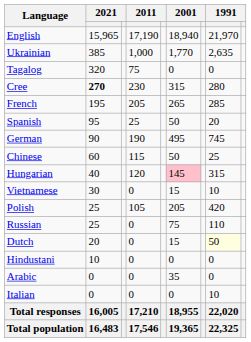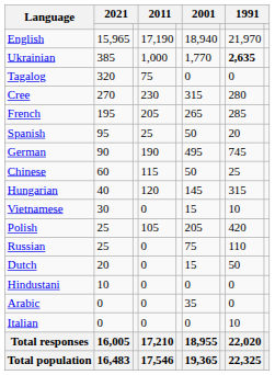 <table class="wikitable collapsible sortable">
 <tr>
 <th rowspan="2">Language</th>
 <th colspan="2">2021</th>
 <th colspan="2">2011</th>
 <th colspan="2">2001</th>
 <th colspan="2">1991</th>
 </tr>
 <tr>
 <th><a href='#'></a></th>
 <th></th>
 <th></th>
 <th></th>
 <th></th>
 <th></th>
 <th></th>
 <th></th>
 </tr>
 <tr>
 <td><a href='#'>English</a></td>
 <td>15,965</td>
 <td></td>
 <td>17,190</td>
 <td></td>
 <td>18,940</td>
 <td></td>
 <td>21,970</td>
 <td></td>
 </tr>
 <tr>
 <td><a href='#'>Ukrainian</a></td>
 <td>385</td>
 <td></td>
 <td>1,000</td>
 <td></td>
 <td>1,770</td>
 <td></td>
-<td>2,635</td>
+<td><strong>2,635</strong></td>
 <td></td>
 </tr>
 <tr>
 <td><a href='#'>Tagalog</a></td>
 <td>320</td>
 <td></td>
 <td>75</td>
 <td></td>
 <td>0</td>
 <td></td>
 <td>0</td>
 <td></td>
 </tr>
 <tr>
 <td><a href='#'>Cree</a></td>
-<td><strong>270</strong></td>
+<td>270</td>
 <td></td>
 <td>230</td>
 <td></td>
 <td>315</td>
 <td></td>
 <td>280</td>
 <td></td>
 </tr>
 <tr>
 <td><a href='#'>French</a></td>
 <td>195</td>
 <td></td>
 <td>205</td>
 <td></td>
 <td>265</td>
 <td></td>
 <td>285</td>
 <td></td>
 </tr>
 <tr>
 <td><a href='#'>Spanish</a></td>
 <td>95</td>
 <td></td>
 <td>25</td>
 <td></td>
 <td>50</td>
 <td></td>
 <td>20</td>
 <td></td>
 </tr>
 <tr>
 <td><a href='#'>German</a></td>
 <td>90</td>
 <td></td>
 <td>190</td>
 <td></td>
 <td>495</td>
 <td></td>
 <td>745</td>
 <td></td>
 </tr>
 <tr>
 <td><a href='#'>Chinese</a></td>
 <td>60</td>
 <td></td>
 <td>115</td>
 <td></td>
 <td>50</td>
 <td></td>
 <td>25</td>
 <td></td>
 </tr>
 <tr>
 <td><a href='#'>Hungarian</a></td>
 <td>40</td>
 <td></td>
 <td>120</td>
 <td></td>
-<td style="background: pink;">145</td>
+<td>145</td>
 <td></td>
 <td>315</td>
 <td></td>
 </tr>
 <tr>
 <td><a href='#'>Vietnamese</a></td>
 <td>30</td>
 <td></td>
 <td>0</td>
 <td></td>
 <td>15</td>
 <td></td>
 <td>10</td>
 <td></td>
 </tr>
 <tr>
 <td><a href='#'>Polish</a></td>
 <td>25</td>
 <td></td>
 <td>105</td>
 <td></td>
 <td>205</td>
 <td></td>
 <td>420</td>
 <td></td>
 </tr>
 <tr>
 <td><a href='#'>Russian</a></td>
 <td>25</td>
 <td></td>
 <td>0</td>
 <td></td>
 <td>75</td>
 <td></td>
 <td>110</td>
 <td></td>
 </tr>
 <tr>
 <td><a href='#'>Dutch</a></td>
 <td>20</td>
 <td></td>
 <td>0</td>
 <td></td>
 <td>15</td>
 <td></td>
-<td style="background: lightyellow;">50</td>
+<td>50</td>
 <td></td>
 </tr>
 <tr>
 <td><a href='#'>Hindustani</a></td>
 <td>10</td>
 <td></td>
 <td>0</td>
 <td></td>
 <td>0</td>
 <td></td>
 <td>0</td>
 <td></td>
 </tr>
 <tr>
 <td><a href='#'>Arabic</a></td>
 <td>0</td>
 <td></td>
 <td>0</td>
 <td></td>
 <td>35</td>
 <td></td>
 <td>0</td>
 <td></td>
 </tr>
 <tr>
 <td><a href='#'>Italian</a></td>
 <td>0</td>
 <td></td>
 <td>0</td>
 <td></td>
 <td>0</td>
 <td></td>
 <td>10</td>
 <td></td>
 </tr>
 <tr>
 <th>Total responses</th>
 <th>16,005</th>
 <th></th>
 <th>17,210</th>
 <th></th>
 <th>18,955</th>
 <th></th>
 <th>22,020</th>
 <th></th>
 </tr>
 <tr>
 <th>Total population</th>
 <th>16,483</th>
 <th></th>
 <th>17,546</th>
 <th></th>
 <th>19,365</th>
 <th></th>
 <th>22,325</th>
 <th></th>
 </tr>
 </table>
